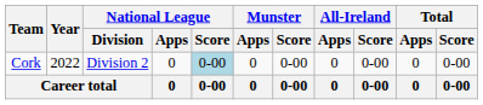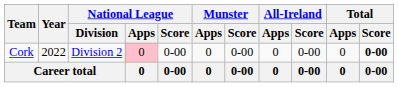 <table class="wikitable" style="text-align:center">
 <tr>
 <th rowspan="2">Team</th>
 <th rowspan="2">Year</th>
 <th colspan="3"><a href='#'>National League</a></th>
 <th colspan="2"><a href='#'>Munster</a></th>
 <th colspan="2"><a href='#'>All-Ireland</a></th>
 <th colspan="2">Total</th>
 </tr>
 <tr>
 <th>Division</th>
 <th>Apps</th>
 <th>Score</th>
 <th>Apps</th>
 <th>Score</th>
 <th>Apps</th>
 <th>Score</th>
 <th>Apps</th>
 <th>Score</th>
 </tr>
 <tr>
 <td rowspan="1"><a href='#'>Cork</a></td>
 <td>2022</td>
 <td rowspan="1"><a href='#'>Division 2</a></td>
-<td>0</td>
-<td style="background: lightblue;">0-00</td>
+<td style="background: pink;">0</td>
+<td>0-00</td>
 <td>0</td>
 <td>0-00</td>
 <td>0</td>
 <td>0-00</td>
 <td>0</td>
-<td>0-00</td>
+<td><strong>0-00</strong></td>
 </tr>
 <tr>
 <th colspan="3">Career total</th>
 <th>0</th>
 <th>0-00</th>
 <th>0</th>
 <th>0-00</th>
 <th>0</th>
 <th>0-00</th>
 <th>0</th>
 <th>0-00</th>
 </tr>
 </table>
